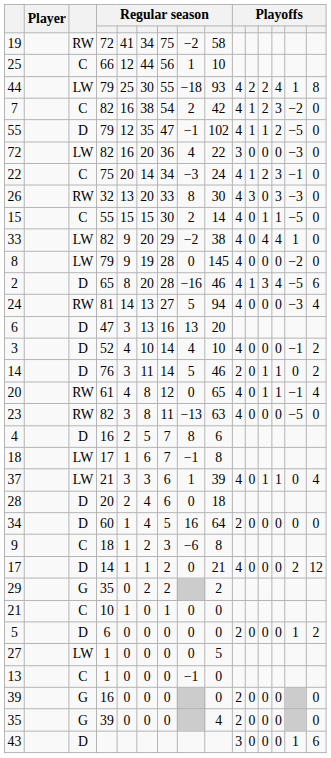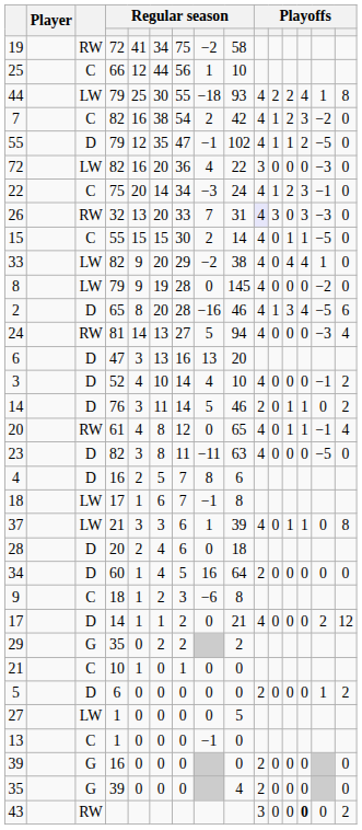 <table class="wikitable sortable plainrowheaders" style="text-align:center;">
 <tr>
 <th scope="col" data-sort-type="number" rowspan="2"></th>
 <th scope="col" rowspan="2">Player</th>
 <th scope="col" rowspan="2"></th>
 <th scope=colgroup colspan=6>Regular season</th>
 <th scope=colgroup colspan=6>Playoffs</th>
 </tr>
 <tr>
 <th scope="col" data-sort-type="number"></th>
 <th scope="col" data-sort-type="number"></th>
 <th scope="col" data-sort-type="number"></th>
 <th scope="col" data-sort-type="number"></th>
 <th scope="col" data-sort-type="number"></th>
 <th scope="col" data-sort-type="number"></th>
 <th scope="col" data-sort-type="number"></th>
 <th scope="col" data-sort-type="number"></th>
 <th scope="col" data-sort-type="number"></th>
 <th scope="col" data-sort-type="number"></th>
 <th scope="col" data-sort-type="number"></th>
 <th scope="col" data-sort-type="number"></th>
 </tr>
 <tr>
 <td scope="row">19</td>
 <td align="left"></td>
 <td>RW</td>
 <td>72</td>
 <td>41</td>
 <td>34</td>
 <td>75</td>
 <td>−2</td>
 <td>58</td>
 <td></td>
 <td></td>
 <td></td>
 <td></td>
 <td></td>
 <td></td>
 </tr>
 <tr>
 <td scope="row">25</td>
 <td align="left"></td>
 <td>C</td>
 <td>66</td>
 <td>12</td>
 <td>44</td>
 <td>56</td>
 <td>1</td>
 <td>10</td>
 <td></td>
 <td></td>
 <td></td>
 <td></td>
 <td></td>
 <td></td>
 </tr>
 <tr>
 <td scope="row">44</td>
 <td align="left"></td>
 <td>LW</td>
 <td>79</td>
 <td>25</td>
 <td>30</td>
 <td>55</td>
 <td>−18</td>
 <td>93</td>
 <td>4</td>
 <td>2</td>
 <td>2</td>
 <td>4</td>
 <td>1</td>
 <td>8</td>
 </tr>
 <tr>
 <td scope="row">7</td>
 <td align="left"></td>
 <td>C</td>
 <td>82</td>
 <td>16</td>
 <td>38</td>
 <td>54</td>
 <td>2</td>
 <td>42</td>
 <td>4</td>
 <td>1</td>
 <td>2</td>
 <td>3</td>
 <td>−2</td>
 <td>0</td>
 </tr>
 <tr>
 <td scope="row">55</td>
 <td align="left"></td>
 <td>D</td>
 <td>79</td>
 <td>12</td>
 <td>35</td>
 <td>47</td>
 <td>−1</td>
 <td>102</td>
 <td>4</td>
 <td>1</td>
 <td>1</td>
 <td>2</td>
 <td>−5</td>
 <td>0</td>
 </tr>
 <tr>
 <td scope="row">72</td>
 <td align="left"></td>
 <td>LW</td>
 <td>82</td>
 <td>16</td>
 <td>20</td>
 <td>36</td>
 <td>4</td>
 <td>22</td>
 <td>3</td>
 <td>0</td>
 <td>0</td>
 <td>0</td>
 <td>−3</td>
 <td>0</td>
 </tr>
 <tr>
 <td scope="row">22</td>
 <td align="left"></td>
 <td>C</td>
 <td>75</td>
 <td>20</td>
 <td>14</td>
 <td>34</td>
 <td>−3</td>
 <td>24</td>
 <td>4</td>
 <td>1</td>
 <td>2</td>
 <td>3</td>
 <td>−1</td>
 <td>0</td>
 </tr>
 <tr>
 <td scope="row">26</td>
 <td align="left"></td>
 <td>RW</td>
 <td>32</td>
 <td>13</td>
 <td>20</td>
 <td>33</td>
-<td>8</td>
-<td>30</td>
-<td>4</td>
+<td>7</td>
+<td>31</td>
+<td style="background: lavender;">4</td>
 <td>3</td>
 <td>0</td>
 <td>3</td>
 <td>−3</td>
 <td>0</td>
 </tr>
 <tr>
 <td scope="row">15</td>
 <td align="left"></td>
 <td>C</td>
 <td>55</td>
 <td>15</td>
 <td>15</td>
 <td>30</td>
 <td>2</td>
 <td>14</td>
 <td>4</td>
 <td>0</td>
 <td>1</td>
 <td>1</td>
 <td>−5</td>
 <td>0</td>
 </tr>
 <tr>
 <td scope="row">33</td>
 <td align="left"></td>
 <td>LW</td>
 <td>82</td>
 <td>9</td>
 <td>20</td>
 <td>29</td>
 <td>−2</td>
 <td>38</td>
 <td>4</td>
 <td>0</td>
 <td>4</td>
 <td>4</td>
 <td>1</td>
 <td>0</td>
 </tr>
 <tr>
 <td scope="row">8</td>
 <td align="left"></td>
 <td>LW</td>
 <td>79</td>
 <td>9</td>
 <td>19</td>
 <td>28</td>
 <td>0</td>
 <td>145</td>
 <td>4</td>
 <td>0</td>
 <td>0</td>
 <td>0</td>
 <td>−2</td>
 <td>0</td>
 </tr>
 <tr>
 <td scope="row">2</td>
 <td align="left"></td>
 <td>D</td>
 <td>65</td>
 <td>8</td>
 <td>20</td>
 <td>28</td>
 <td>−16</td>
 <td>46</td>
 <td>4</td>
 <td>1</td>
 <td>3</td>
 <td>4</td>
 <td>−5</td>
 <td>6</td>
 </tr>
 <tr>
 <td scope="row">24</td>
 <td align="left"></td>
 <td>RW</td>
 <td>81</td>
 <td>14</td>
 <td>13</td>
 <td>27</td>
 <td>5</td>
 <td>94</td>
 <td>4</td>
 <td>0</td>
 <td>0</td>
 <td>0</td>
 <td>−3</td>
 <td>4</td>
 </tr>
 <tr>
 <td scope="row">6</td>
 <td align="left"></td>
 <td>D</td>
 <td>47</td>
 <td>3</td>
 <td>13</td>
 <td>16</td>
 <td>13</td>
 <td>20</td>
 <td></td>
 <td></td>
 <td></td>
 <td></td>
 <td></td>
 <td></td>
 </tr>
 <tr>
 <td scope="row">3</td>
 <td align="left"></td>
 <td>D</td>
 <td>52</td>
 <td>4</td>
 <td>10</td>
 <td>14</td>
 <td>4</td>
 <td>10</td>
 <td>4</td>
 <td>0</td>
 <td>0</td>
 <td>0</td>
 <td>−1</td>
 <td>2</td>
 </tr>
 <tr>
 <td scope="row">14</td>
 <td align="left"></td>
 <td>D</td>
 <td>76</td>
 <td>3</td>
 <td>11</td>
 <td>14</td>
 <td>5</td>
 <td>46</td>
 <td>2</td>
 <td>0</td>
 <td>1</td>
 <td>1</td>
 <td>0</td>
 <td>2</td>
 </tr>
 <tr>
 <td scope="row">20</td>
 <td align="left"></td>
 <td>RW</td>
 <td>61</td>
 <td>4</td>
 <td>8</td>
 <td>12</td>
 <td>0</td>
 <td>65</td>
 <td>4</td>
 <td>0</td>
 <td>1</td>
 <td>1</td>
 <td>−1</td>
 <td>4</td>
 </tr>
 <tr>
 <td scope="row">23</td>
 <td align="left"></td>
-<td>RW</td>
+<td>D</td>
 <td>82</td>
 <td>3</td>
 <td>8</td>
 <td>11</td>
-<td>−13</td>
+<td>−11</td>
 <td>63</td>
 <td>4</td>
 <td>0</td>
 <td>0</td>
 <td>0</td>
 <td>−5</td>
 <td>0</td>
 </tr>
 <tr>
 <td scope="row">4</td>
 <td align="left"></td>
 <td>D</td>
 <td>16</td>
 <td>2</td>
 <td>5</td>
 <td>7</td>
 <td>8</td>
 <td>6</td>
 <td></td>
 <td></td>
 <td></td>
 <td></td>
 <td></td>
 <td></td>
 </tr>
 <tr>
 <td scope="row">18</td>
 <td align="left"></td>
 <td>LW</td>
 <td>17</td>
 <td>1</td>
 <td>6</td>
 <td>7</td>
 <td>−1</td>
 <td>8</td>
 <td></td>
 <td></td>
 <td></td>
 <td></td>
 <td></td>
 <td></td>
 </tr>
 <tr>
 <td scope="row">37</td>
 <td align="left"></td>
 <td>LW</td>
 <td>21</td>
 <td>3</td>
 <td>3</td>
 <td>6</td>
 <td>1</td>
 <td>39</td>
 <td>4</td>
 <td>0</td>
 <td>1</td>
 <td>1</td>
 <td>0</td>
-<td>4</td>
+<td>8</td>
 </tr>
 <tr>
 <td scope="row">28</td>
 <td align="left"></td>
 <td>D</td>
 <td>20</td>
 <td>2</td>
 <td>4</td>
 <td>6</td>
 <td>0</td>
 <td>18</td>
 <td></td>
 <td></td>
 <td></td>
 <td></td>
 <td></td>
 <td></td>
 </tr>
 <tr>
 <td scope="row">34</td>
 <td align="left"></td>
 <td>D</td>
 <td>60</td>
 <td>1</td>
 <td>4</td>
 <td>5</td>
 <td>16</td>
 <td>64</td>
 <td>2</td>
 <td>0</td>
 <td>0</td>
 <td>0</td>
 <td>0</td>
 <td>0</td>
 </tr>
 <tr>
 <td scope="row">9</td>
 <td align="left"></td>
 <td>C</td>
 <td>18</td>
 <td>1</td>
 <td>2</td>
 <td>3</td>
 <td>−6</td>
 <td>8</td>
 <td></td>
 <td></td>
 <td></td>
 <td></td>
 <td></td>
 <td></td>
 </tr>
 <tr>
 <td scope="row">17</td>
 <td align="left"></td>
 <td>D</td>
 <td>14</td>
 <td>1</td>
 <td>1</td>
 <td>2</td>
 <td>0</td>
 <td>21</td>
 <td>4</td>
 <td>0</td>
 <td>0</td>
 <td>0</td>
 <td>2</td>
 <td>12</td>
 </tr>
 <tr>
 <td scope="row">29</td>
 <td align="left"></td>
 <td>G</td>
 <td>35</td>
 <td>0</td>
 <td>2</td>
 <td>2</td>
 <td style="background:#ccc"></td>
 <td>2</td>
 <td></td>
 <td></td>
 <td></td>
 <td></td>
 <td></td>
 <td></td>
 </tr>
 <tr>
 <td scope="row">21</td>
 <td align="left"></td>
 <td>C</td>
 <td>10</td>
 <td>1</td>
 <td>0</td>
 <td>1</td>
 <td>0</td>
 <td>0</td>
 <td></td>
 <td></td>
 <td></td>
 <td></td>
 <td></td>
 <td></td>
 </tr>
 <tr>
 <td scope="row">5</td>
 <td align="left"></td>
 <td>D</td>
 <td>6</td>
 <td>0</td>
 <td>0</td>
 <td>0</td>
 <td>0</td>
 <td>0</td>
 <td>2</td>
 <td>0</td>
 <td>0</td>
 <td>0</td>
 <td>1</td>
 <td>2</td>
 </tr>
 <tr>
 <td scope="row">27</td>
 <td align="left"></td>
 <td>LW</td>
 <td>1</td>
 <td>0</td>
 <td>0</td>
 <td>0</td>
 <td>0</td>
 <td>5</td>
 <td></td>
 <td></td>
 <td></td>
 <td></td>
 <td></td>
 <td></td>
 </tr>
 <tr>
 <td scope="row">13</td>
 <td align="left"></td>
 <td>C</td>
 <td>1</td>
 <td>0</td>
 <td>0</td>
 <td>0</td>
 <td>−1</td>
 <td>0</td>
 <td></td>
 <td></td>
 <td></td>
 <td></td>
 <td></td>
 <td></td>
 </tr>
 <tr>
 <td scope="row">39</td>
 <td align="left"></td>
 <td>G</td>
 <td>16</td>
 <td>0</td>
 <td>0</td>
 <td>0</td>
 <td style="background:#ccc"></td>
 <td>0</td>
 <td>2</td>
 <td>0</td>
 <td>0</td>
 <td>0</td>
 <td style="background:#ccc"></td>
 <td>0</td>
 </tr>
 <tr>
 <td scope="row">35</td>
 <td align="left"></td>
 <td>G</td>
 <td>39</td>
 <td>0</td>
 <td>0</td>
 <td>0</td>
 <td style="background:#ccc"></td>
 <td>4</td>
 <td>2</td>
 <td>0</td>
 <td>0</td>
 <td>0</td>
 <td style="background:#ccc"></td>
 <td>0</td>
 </tr>
 <tr>
 <td scope="row">43</td>
 <td align="left"></td>
-<td>D</td>
+<td>RW</td>
 <td></td>
 <td></td>
 <td></td>
 <td></td>
 <td></td>
 <td></td>
 <td>3</td>
 <td>0</td>
 <td>0</td>
+<td><strong>0</strong></td>
 <td>0</td>
-<td>1</td>
-<td>6</td>
+<td>2</td>
 </tr>
 </table>
